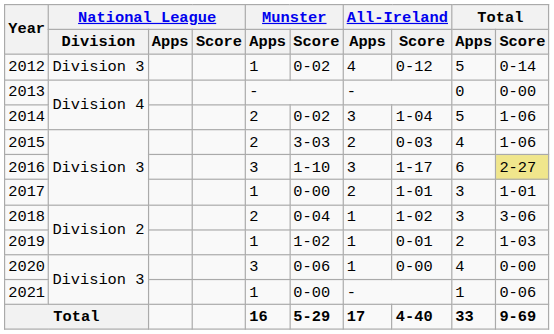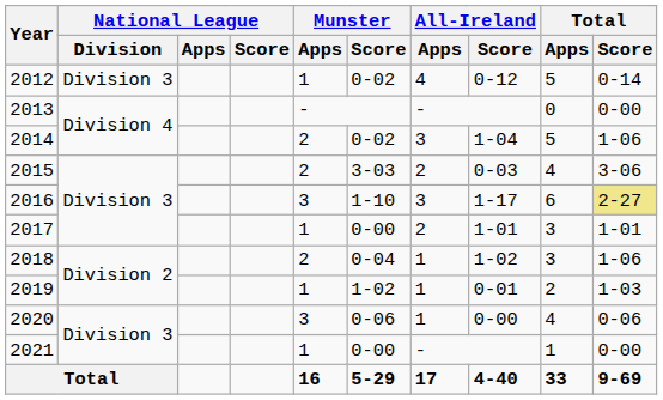 <table class="wikitable">
 <tr>
 <th rowspan="2">Year</th>
 <th colspan="3"><a href='#'>National League</a></th>
 <th colspan="2"><a href='#'>Munster</a></th>
 <th colspan="2"><a href='#'>All-Ireland</a></th>
 <th colspan="2">Total</th>
 </tr>
 <tr>
 <th>Division</th>
 <th>Apps</th>
 <th>Score</th>
 <th>Apps</th>
 <th>Score</th>
 <th>Apps</th>
 <th>Score</th>
 <th>Apps</th>
 <th>Score</th>
 </tr>
 <tr>
 <td>2012</td>
 <td>Division 3</td>
 <td></td>
 <td></td>
 <td>1</td>
 <td>0-02</td>
 <td>4</td>
 <td>0-12</td>
 <td>5</td>
 <td>0-14</td>
 </tr>
 <tr>
 <td>2013</td>
 <td rowspan="2">Division 4</td>
 <td></td>
 <td></td>
 <td colspan="2">-</td>
 <td colspan="2">-</td>
 <td>0</td>
 <td>0-00</td>
 </tr>
 <tr>
 <td>2014</td>
 <td></td>
 <td></td>
 <td>2</td>
 <td>0-02</td>
 <td>3</td>
 <td>1-04</td>
 <td>5</td>
 <td>1-06</td>
 </tr>
 <tr>
 <td>2015</td>
 <td rowspan="3">Division 3</td>
 <td></td>
 <td></td>
 <td>2</td>
 <td>3-03</td>
 <td>2</td>
 <td>0-03</td>
 <td>4</td>
-<td>1-06</td>
+<td>3-06</td>
 </tr>
 <tr>
 <td>2016</td>
 <td></td>
 <td></td>
 <td>3</td>
 <td>1-10</td>
 <td>3</td>
 <td>1-17</td>
 <td>6</td>
 <td style="background: khaki;">2-27</td>
 </tr>
 <tr>
 <td>2017</td>
 <td></td>
 <td></td>
 <td>1</td>
 <td>0-00</td>
 <td>2</td>
 <td>1-01</td>
 <td>3</td>
 <td>1-01</td>
 </tr>
 <tr>
 <td>2018</td>
 <td rowspan="2">Division 2</td>
 <td></td>
 <td></td>
 <td>2</td>
 <td>0-04</td>
 <td>1</td>
 <td>1-02</td>
 <td>3</td>
-<td>3-06</td>
+<td>1-06</td>
 </tr>
 <tr>
 <td>2019</td>
 <td></td>
 <td></td>
 <td>1</td>
 <td>1-02</td>
 <td>1</td>
 <td>0-01</td>
 <td>2</td>
 <td>1-03</td>
 </tr>
 <tr>
 <td>2020</td>
 <td rowspan="2">Division 3</td>
 <td></td>
 <td></td>
 <td>3</td>
 <td>0-06</td>
 <td>1</td>
 <td>0-00</td>
 <td>4</td>
-<td>0-00</td>
+<td>0-06</td>
 </tr>
 <tr>
 <td>2021</td>
 <td></td>
 <td></td>
 <td>1</td>
 <td>0-00</td>
 <td colspan="2">-</td>
 <td>1</td>
-<td>0-06</td>
+<td>0-00</td>
 </tr>
 <tr>
 <th colspan="2">Total</th>
 <td></td>
 <td></td>
 <td><strong>16</strong></td>
 <td><strong>5-29</strong></td>
 <td><strong>17</strong></td>
 <td><strong>4-40</strong></td>
 <td><strong>33</strong></td>
 <td><strong>9-69</strong></td>
 </tr>
 </table>
